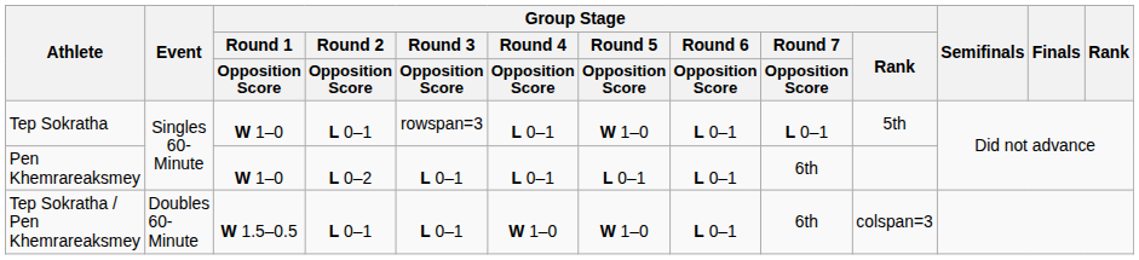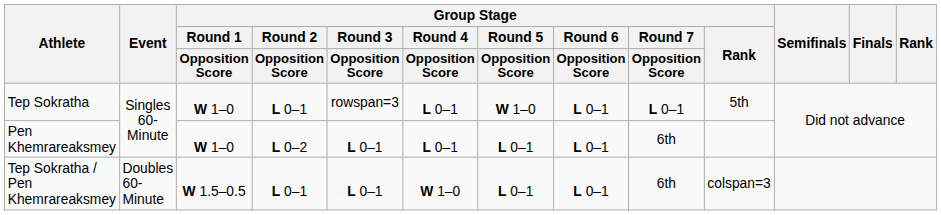 <table class="wikitable" style="font-size:90%">
 <tr>
 <th rowspan="3">Athlete</th>
 <th rowspan="3">Event</th>
 <th colspan="8">Group Stage</th>
 <th rowspan="3">Semifinals</th>
 <th rowspan="3">Finals</th>
 <th rowspan="3">Rank</th>
 </tr>
 <tr>
 <th>Round 1</th>
 <th>Round 2</th>
 <th>Round 3</th>
 <th>Round 4</th>
 <th>Round 5</th>
 <th>Round 6</th>
 <th>Round 7</th>
 <th rowspan="2">Rank</th>
 </tr>
 <tr style="font-size:95%" align="center">
 <th>Opposition<br>Score</th>
 <th>Opposition<br>Score</th>
 <th>Opposition<br>Score</th>
 <th>Opposition<br>Score</th>
 <th>Opposition<br>Score</th>
 <th>Opposition<br>Score</th>
 <th>Opposition<br>Score</th>
 </tr>
 <tr align=center>
 <td align=left>Tep Sokratha</td>
 <td rowspan=2>Singles 60-Minute</td>
 <td><br><strong>W</strong> 1–0</td>
 <td><br><strong>L</strong> 0–1</td>
 <td>rowspan=3 </td>
 <td><br><strong>L</strong> 0–1</td>
 <td><br><strong>W</strong> 1–0</td>
 <td><br><strong>L</strong> 0–1</td>
 <td><br><strong>L</strong> 0–1</td>
 <td>5th</td>
 <td rowspan=2 colspan=3>Did not advance</td>
 </tr>
 <tr align=center>
 <td align=left>Pen Khemrareaksmey</td>
 <td><br><strong>W</strong> 1–0</td>
 <td><br><strong>L</strong> 0–2</td>
 <td><br><strong>L</strong> 0–1</td>
 <td><br><strong>L</strong> 0–1</td>
 <td><br><strong>L</strong> 0–1</td>
 <td><br><strong>L</strong> 0–1</td>
 <td>6th</td>
 </tr>
 <tr align=center>
 <td align=left>Tep Sokratha / Pen Khemrareaksmey</td>
 <td align=left>Doubles 60-Minute</td>
 <td><br><strong>W</strong> 1.5–0.5</td>
 <td><br><strong>L</strong> 0–1</td>
 <td><br><strong>L</strong> 0–1</td>
 <td><br><strong>W</strong> 1–0</td>
-<td><br><strong>W</strong> 1–0</td>
+<td><br><strong>L</strong> 0–1</td>
 <td><br><strong>L</strong> 0–1</td>
 <td>6th</td>
 <td>colspan=3 </td>
 </tr>
 </table>
